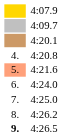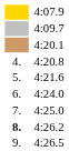 <table style="text-align:center">
 <tr>
 <td width=30 style="background:gold;"></td>
 <td align=left></td>
 <td>4:07.9</td>
 </tr>
 <tr>
 <td style="background:silver;"></td>
 <td align=left></td>
 <td>4:09.7</td>
 </tr>
 <tr>
 <td style="background:#cc9966;"></td>
 <td align=left></td>
 <td>4:20.1</td>
 </tr>
 <tr>
 <td>4.</td>
 <td align=left></td>
 <td>4:20.8</td>
 </tr>
 <tr>
-<td style="background: lightsalmon;">5.</td>
+<td>5.</td>
 <td align=left></td>
 <td>4:21.6</td>
 </tr>
 <tr>
 <td>6.</td>
 <td align=left></td>
 <td>4:24.0</td>
 </tr>
 <tr>
 <td>7.</td>
 <td align=left></td>
 <td>4:25.0</td>
 </tr>
 <tr>
-<td>8.</td>
+<td><strong>8.</strong></td>
 <td align=left></td>
 <td>4:26.2</td>
 </tr>
 <tr>
-<td><strong>9.</strong></td>
+<td>9.</td>
 <td align=left></td>
 <td>4:26.5</td>
 </tr>
 </table>
